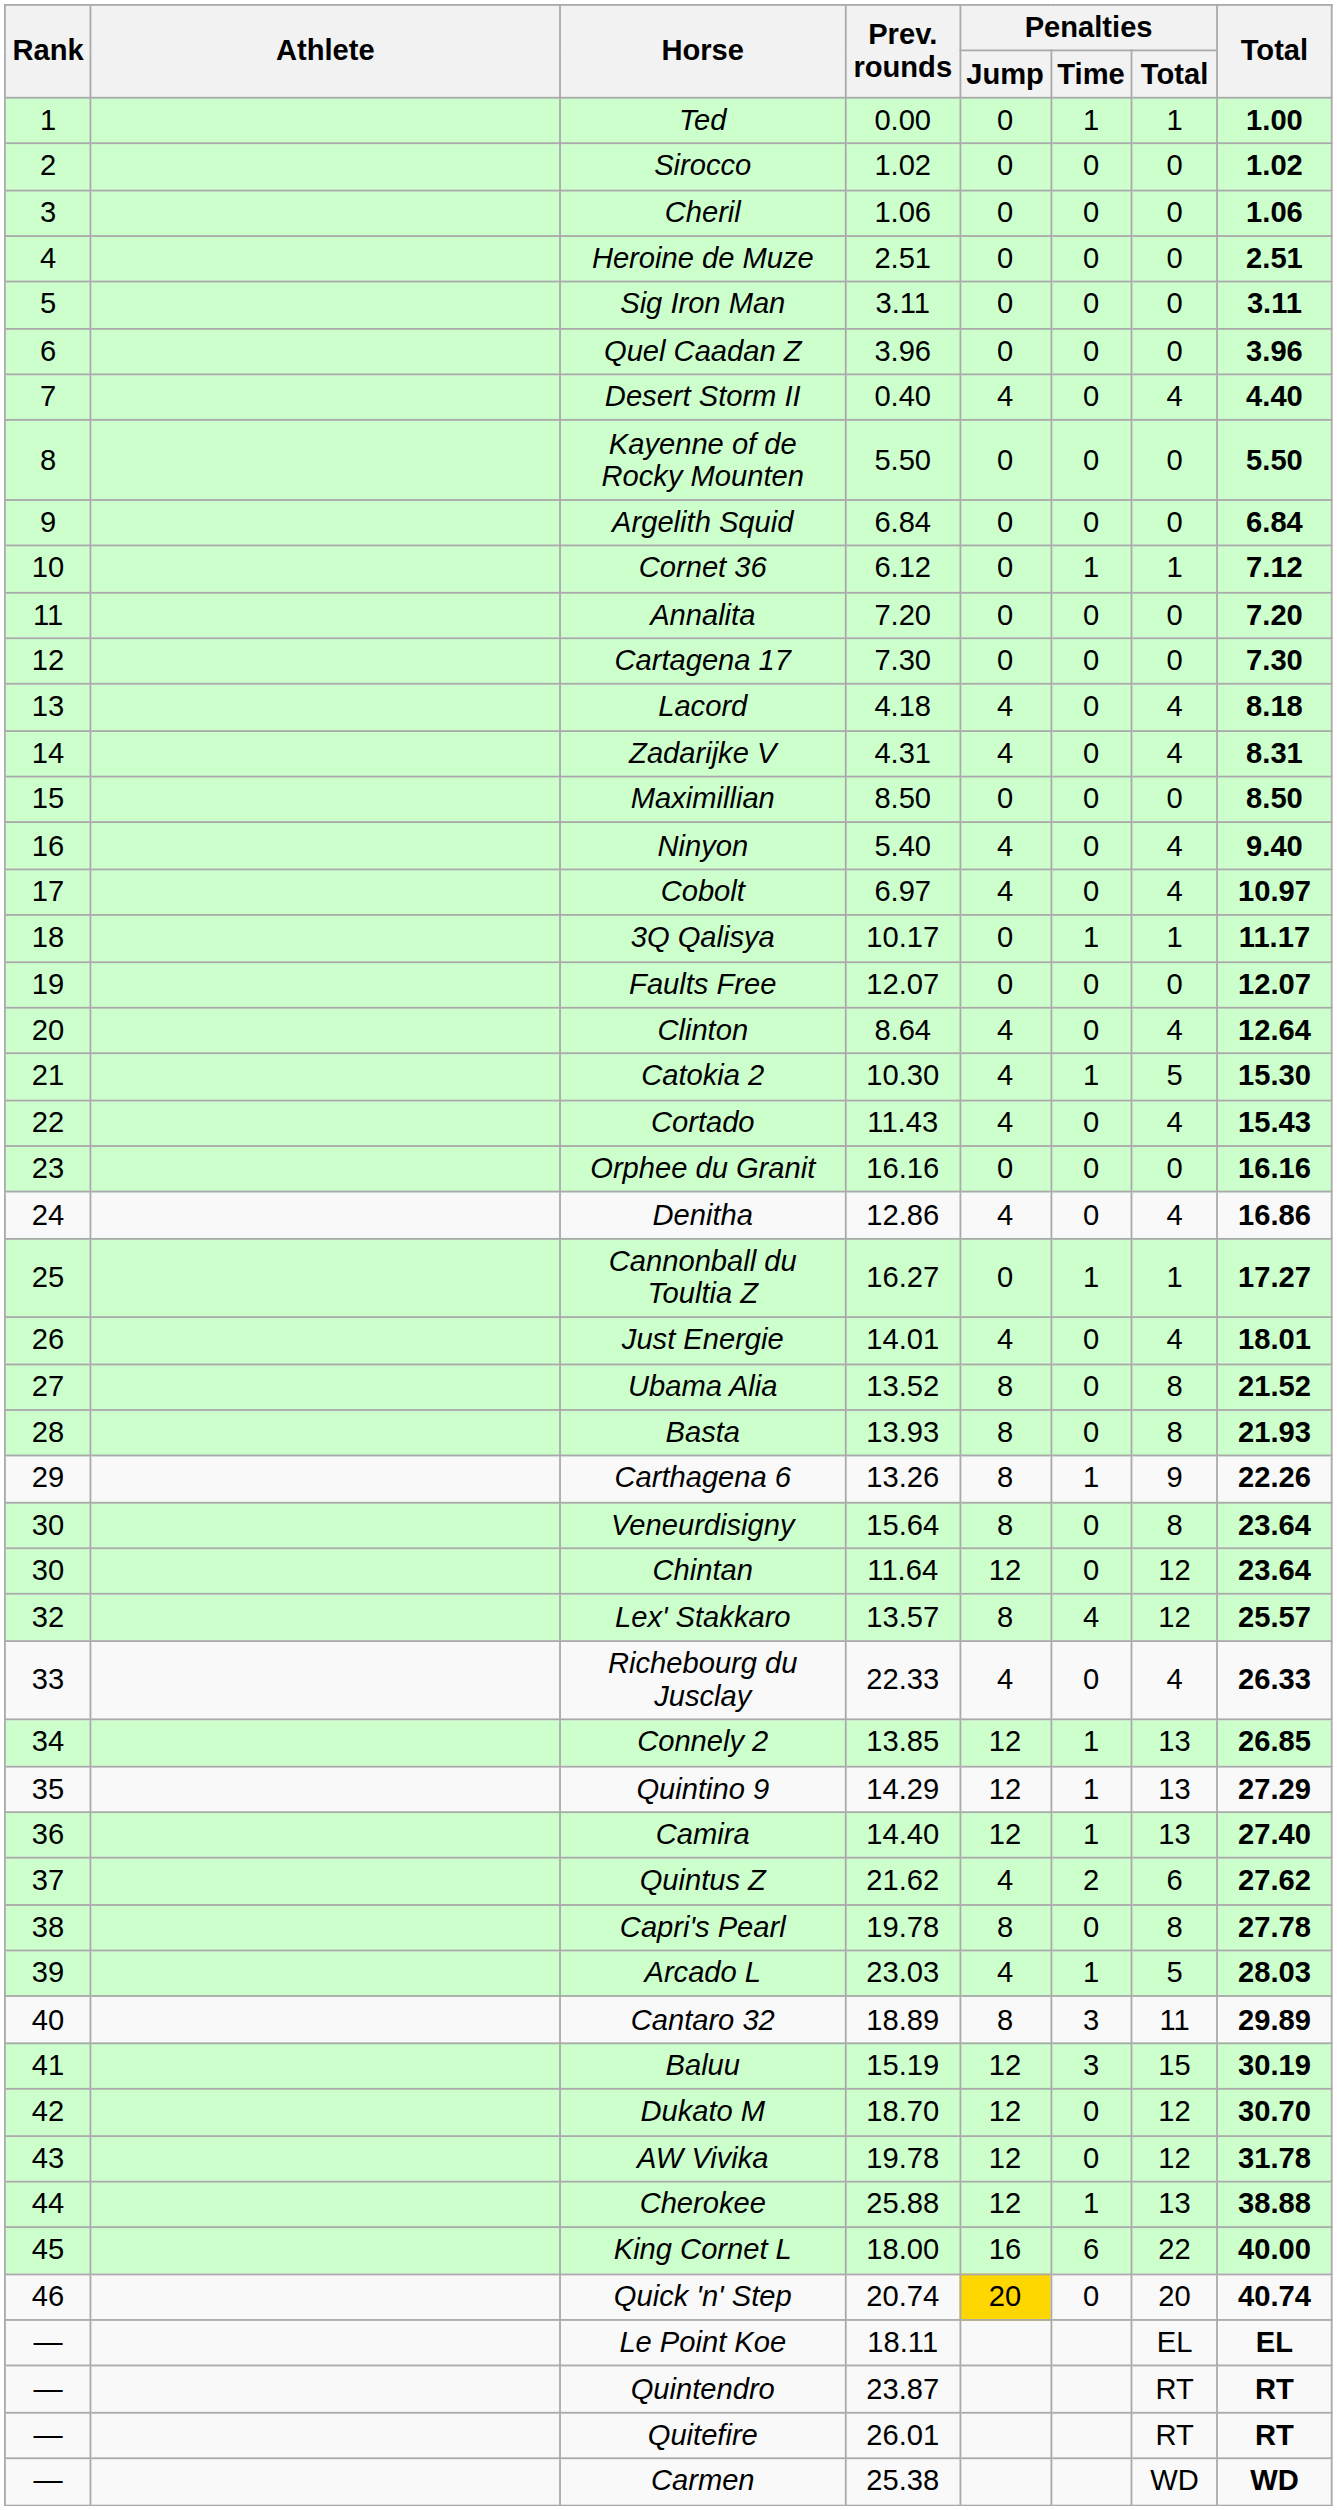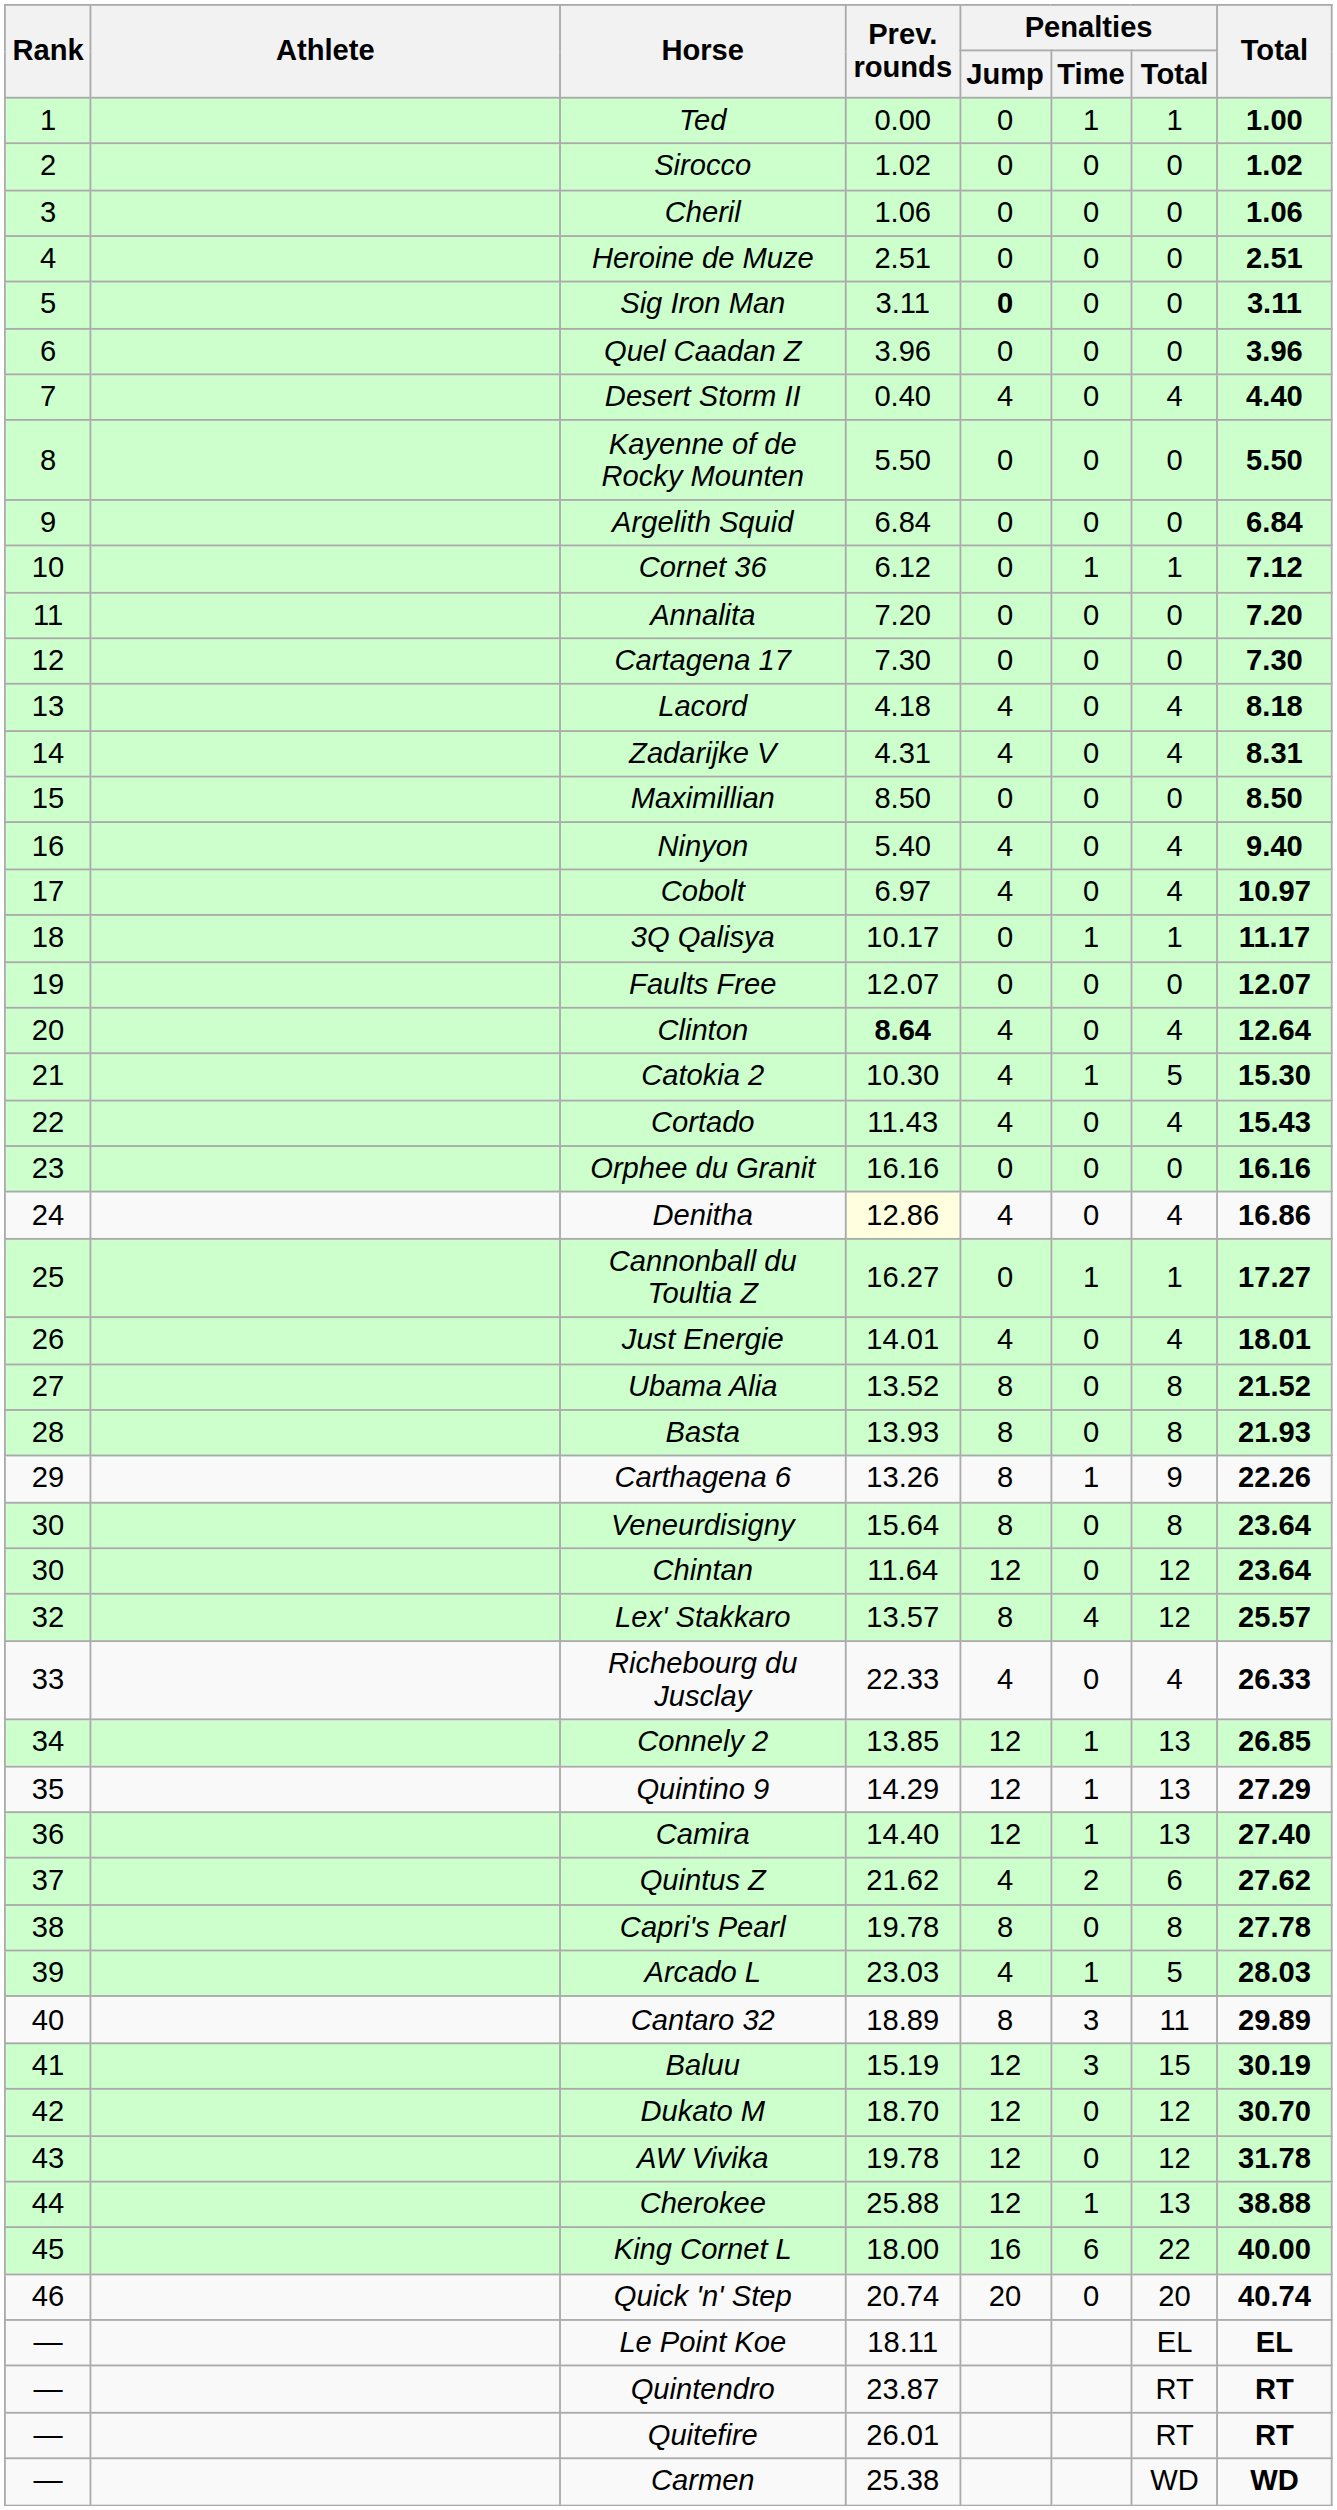 <table class="wikitable" style="text-align:center">
 <tr>
 <th rowspan=2 width=40>Rank</th>
 <th rowspan=2 width=250>Athlete</th>
 <th rowspan=2 width=150>Horse</th>
 <th rowspan=2 width=55>Prev. rounds</th>
 <th colspan=3>Penalties</th>
 <th rowspan=2 width=55>Total</th>
 </tr>
 <tr>
 <th width=35>Jump</th>
 <th width=35>Time</th>
 <th width=40>Total</th>
 </tr>
 <tr bgcolor="ccffcc">
 <td>1</td>
 <td align=left></td>
 <td><em>Ted</em></td>
 <td>0.00</td>
 <td>0</td>
 <td>1</td>
 <td>1</td>
 <td><strong>1.00</strong></td>
 </tr>
 <tr bgcolor="ccffcc">
 <td>2</td>
 <td align=left></td>
 <td><em>Sirocco</em></td>
 <td>1.02</td>
 <td>0</td>
 <td>0</td>
 <td>0</td>
 <td><strong>1.02</strong></td>
 </tr>
 <tr bgcolor="ccffcc">
 <td>3</td>
 <td align=left></td>
 <td><em>Cheril</em></td>
 <td>1.06</td>
 <td>0</td>
 <td>0</td>
 <td>0</td>
 <td><strong>1.06</strong></td>
 </tr>
 <tr bgcolor="ccffcc">
 <td>4</td>
 <td align=left></td>
 <td><em>Heroine de Muze</em></td>
 <td>2.51</td>
 <td>0</td>
 <td>0</td>
 <td>0</td>
 <td><strong>2.51</strong></td>
 </tr>
 <tr bgcolor="ccffcc">
 <td>5</td>
 <td align=left></td>
 <td><em>Sig Iron Man</em></td>
 <td>3.11</td>
-<td>0</td>
+<td><strong>0</strong></td>
 <td>0</td>
 <td>0</td>
 <td><strong>3.11</strong></td>
 </tr>
 <tr bgcolor="ccffcc">
 <td>6</td>
 <td align=left></td>
 <td><em>Quel Caadan Z</em></td>
 <td>3.96</td>
 <td>0</td>
 <td>0</td>
 <td>0</td>
 <td><strong>3.96</strong></td>
 </tr>
 <tr bgcolor="ccffcc">
 <td>7</td>
 <td align=left></td>
 <td><em>Desert Storm II</em></td>
 <td>0.40</td>
 <td>4</td>
 <td>0</td>
 <td>4</td>
 <td><strong>4.40</strong></td>
 </tr>
 <tr bgcolor="ccffcc">
 <td>8</td>
 <td align=left></td>
 <td><em>Kayenne of de Rocky Mounten</em></td>
 <td>5.50</td>
 <td>0</td>
 <td>0</td>
 <td>0</td>
 <td><strong>5.50</strong></td>
 </tr>
 <tr bgcolor="ccffcc">
 <td>9</td>
 <td align=left></td>
 <td><em>Argelith Squid</em></td>
 <td>6.84</td>
 <td>0</td>
 <td>0</td>
 <td>0</td>
 <td><strong>6.84</strong></td>
 </tr>
 <tr bgcolor="ccffcc">
 <td>10</td>
 <td align=left></td>
 <td><em>Cornet 36</em></td>
 <td>6.12</td>
 <td>0</td>
 <td>1</td>
 <td>1</td>
 <td><strong>7.12</strong></td>
 </tr>
 <tr bgcolor="ccffcc">
 <td>11</td>
 <td align=left></td>
 <td><em>Annalita</em></td>
 <td>7.20</td>
 <td>0</td>
 <td>0</td>
 <td>0</td>
 <td><strong>7.20</strong></td>
 </tr>
 <tr bgcolor="ccffcc">
 <td>12</td>
 <td align=left></td>
 <td><em>Cartagena 17</em></td>
 <td>7.30</td>
 <td>0</td>
 <td>0</td>
 <td>0</td>
 <td><strong>7.30</strong></td>
 </tr>
 <tr bgcolor="ccffcc">
 <td>13</td>
 <td align=left></td>
 <td><em>Lacord</em></td>
 <td>4.18</td>
 <td>4</td>
 <td>0</td>
 <td>4</td>
 <td><strong>8.18</strong></td>
 </tr>
 <tr bgcolor="ccffcc">
 <td>14</td>
 <td align=left></td>
 <td><em>Zadarijke V</em></td>
 <td>4.31</td>
 <td>4</td>
 <td>0</td>
 <td>4</td>
 <td><strong>8.31</strong></td>
 </tr>
 <tr bgcolor="ccffcc">
 <td>15</td>
 <td align=left></td>
 <td><em>Maximillian</em></td>
 <td>8.50</td>
 <td>0</td>
 <td>0</td>
 <td>0</td>
 <td><strong>8.50</strong></td>
 </tr>
 <tr bgcolor="ccffcc">
 <td>16</td>
 <td align=left></td>
 <td><em>Ninyon</em></td>
 <td>5.40</td>
 <td>4</td>
 <td>0</td>
 <td>4</td>
 <td><strong>9.40</strong></td>
 </tr>
 <tr bgcolor="ccffcc">
 <td>17</td>
 <td align=left></td>
 <td><em>Cobolt</em></td>
 <td>6.97</td>
 <td>4</td>
 <td>0</td>
 <td>4</td>
 <td><strong>10.97</strong></td>
 </tr>
 <tr bgcolor="ccffcc">
 <td>18</td>
 <td align=left></td>
 <td><em>3Q Qalisya</em></td>
 <td>10.17</td>
 <td>0</td>
 <td>1</td>
 <td>1</td>
 <td><strong>11.17</strong></td>
 </tr>
 <tr bgcolor="ccffcc">
 <td>19</td>
 <td align=left></td>
 <td><em>Faults Free</em></td>
 <td>12.07</td>
 <td>0</td>
 <td>0</td>
 <td>0</td>
 <td><strong>12.07</strong></td>
 </tr>
 <tr bgcolor="ccffcc">
 <td>20</td>
 <td align=left></td>
 <td><em>Clinton</em></td>
-<td>8.64</td>
+<td><strong>8.64</strong></td>
 <td>4</td>
 <td>0</td>
 <td>4</td>
 <td><strong>12.64</strong></td>
 </tr>
 <tr bgcolor="ccffcc">
 <td>21</td>
 <td align=left></td>
 <td><em>Catokia 2</em></td>
 <td>10.30</td>
 <td>4</td>
 <td>1</td>
 <td>5</td>
 <td><strong>15.30</strong></td>
 </tr>
 <tr bgcolor="ccffcc">
 <td>22</td>
 <td align=left></td>
 <td><em>Cortado</em></td>
 <td>11.43</td>
 <td>4</td>
 <td>0</td>
 <td>4</td>
 <td><strong>15.43</strong></td>
 </tr>
 <tr bgcolor="ccffcc">
 <td>23</td>
 <td align=left></td>
 <td><em>Orphee du Granit</em></td>
 <td>16.16</td>
 <td>0</td>
 <td>0</td>
 <td>0</td>
 <td><strong>16.16</strong></td>
 </tr>
 <tr>
 <td>24</td>
 <td align=left></td>
 <td><em>Denitha</em></td>
-<td>12.86</td>
+<td style="background: lightyellow;">12.86</td>
 <td>4</td>
 <td>0</td>
 <td>4</td>
 <td><strong>16.86</strong></td>
 </tr>
 <tr bgcolor="ccffcc">
 <td>25</td>
 <td align=left></td>
 <td><em>Cannonball du Toultia Z</em></td>
 <td>16.27</td>
 <td>0</td>
 <td>1</td>
 <td>1</td>
 <td><strong>17.27</strong></td>
 </tr>
 <tr bgcolor="ccffcc">
 <td>26</td>
 <td align=left></td>
 <td><em>Just Energie</em></td>
 <td>14.01</td>
 <td>4</td>
 <td>0</td>
 <td>4</td>
 <td><strong>18.01</strong></td>
 </tr>
 <tr bgcolor="ccffcc">
 <td>27</td>
 <td align=left></td>
 <td><em>Ubama Alia</em></td>
 <td>13.52</td>
 <td>8</td>
 <td>0</td>
 <td>8</td>
 <td><strong>21.52</strong></td>
 </tr>
 <tr bgcolor="ccffcc">
 <td>28</td>
 <td align=left></td>
 <td><em>Basta</em></td>
 <td>13.93</td>
 <td>8</td>
 <td>0</td>
 <td>8</td>
 <td><strong>21.93</strong></td>
 </tr>
 <tr>
 <td>29</td>
 <td align=left></td>
 <td><em>Carthagena 6</em></td>
 <td>13.26</td>
 <td>8</td>
 <td>1</td>
 <td>9</td>
 <td><strong>22.26</strong></td>
 </tr>
 <tr bgcolor="ccffcc">
 <td>30</td>
 <td align=left></td>
 <td><em>Veneurdisigny</em></td>
 <td>15.64</td>
 <td>8</td>
 <td>0</td>
 <td>8</td>
 <td><strong>23.64</strong></td>
 </tr>
 <tr bgcolor="ccffcc">
 <td>30</td>
 <td align=left></td>
 <td><em>Chintan</em></td>
 <td>11.64</td>
 <td>12</td>
 <td>0</td>
 <td>12</td>
 <td><strong>23.64</strong></td>
 </tr>
 <tr bgcolor="ccffcc">
 <td>32</td>
 <td align=left></td>
 <td><em>Lex' Stakkaro</em></td>
 <td>13.57</td>
 <td>8</td>
 <td>4</td>
 <td>12</td>
 <td><strong>25.57</strong></td>
 </tr>
 <tr>
 <td>33</td>
 <td align=left></td>
 <td><em>Richebourg du Jusclay</em></td>
 <td>22.33</td>
 <td>4</td>
 <td>0</td>
 <td>4</td>
 <td><strong>26.33</strong></td>
 </tr>
 <tr bgcolor="ccffcc">
 <td>34</td>
 <td align=left></td>
 <td><em>Connely 2</em></td>
 <td>13.85</td>
 <td>12</td>
 <td>1</td>
 <td>13</td>
 <td><strong>26.85</strong></td>
 </tr>
 <tr>
 <td>35</td>
 <td align=left></td>
 <td><em>Quintino 9</em></td>
 <td>14.29</td>
 <td>12</td>
 <td>1</td>
 <td>13</td>
 <td><strong>27.29</strong></td>
 </tr>
 <tr bgcolor="ccffcc">
 <td>36</td>
 <td align=left></td>
 <td><em>Camira</em></td>
 <td>14.40</td>
 <td>12</td>
 <td>1</td>
 <td>13</td>
 <td><strong>27.40</strong></td>
 </tr>
 <tr bgcolor="ccffcc">
 <td>37</td>
 <td align=left></td>
 <td><em>Quintus Z</em></td>
 <td>21.62</td>
 <td>4</td>
 <td>2</td>
 <td>6</td>
 <td><strong>27.62</strong></td>
 </tr>
 <tr bgcolor="ccffcc">
 <td>38</td>
 <td align=left></td>
 <td><em>Capri's Pearl</em></td>
 <td>19.78</td>
 <td>8</td>
 <td>0</td>
 <td>8</td>
 <td><strong>27.78</strong></td>
 </tr>
 <tr bgcolor="ccffcc">
 <td>39</td>
 <td align=left></td>
 <td><em>Arcado L</em></td>
 <td>23.03</td>
 <td>4</td>
 <td>1</td>
 <td>5</td>
 <td><strong>28.03</strong></td>
 </tr>
 <tr>
 <td>40</td>
 <td align=left></td>
 <td><em>Cantaro 32</em></td>
 <td>18.89</td>
 <td>8</td>
 <td>3</td>
 <td>11</td>
 <td><strong>29.89</strong></td>
 </tr>
 <tr bgcolor="ccffcc">
 <td>41</td>
 <td align=left></td>
 <td><em>Baluu</em></td>
 <td>15.19</td>
 <td>12</td>
 <td>3</td>
 <td>15</td>
 <td><strong>30.19</strong></td>
 </tr>
 <tr bgcolor="ccffcc">
 <td>42</td>
 <td align=left></td>
 <td><em>Dukato M</em></td>
 <td>18.70</td>
 <td>12</td>
 <td>0</td>
 <td>12</td>
 <td><strong>30.70</strong></td>
 </tr>
 <tr bgcolor="ccffcc">
 <td>43</td>
 <td align=left></td>
 <td><em>AW Vivika</em></td>
 <td>19.78</td>
 <td>12</td>
 <td>0</td>
 <td>12</td>
 <td><strong>31.78</strong></td>
 </tr>
 <tr bgcolor="ccffcc">
 <td>44</td>
 <td align=left></td>
 <td><em>Cherokee</em></td>
 <td>25.88</td>
 <td>12</td>
 <td>1</td>
 <td>13</td>
 <td><strong>38.88</strong></td>
 </tr>
 <tr bgcolor="ccffcc">
 <td>45</td>
 <td align=left></td>
 <td><em>King Cornet L</em></td>
 <td>18.00</td>
 <td>16</td>
 <td>6</td>
 <td>22</td>
 <td><strong>40.00</strong></td>
 </tr>
 <tr>
 <td>46</td>
 <td align=left></td>
 <td><em>Quick 'n' Step</em></td>
 <td>20.74</td>
-<td style="background: gold;">20</td>
+<td>20</td>
 <td>0</td>
 <td>20</td>
 <td><strong>40.74</strong></td>
 </tr>
 <tr>
 <td>—</td>
 <td align=left></td>
 <td><em>Le Point Koe</em></td>
 <td>18.11</td>
 <td></td>
 <td></td>
 <td>EL</td>
 <td><strong>EL</strong></td>
 </tr>
 <tr>
 <td>—</td>
 <td align=left></td>
 <td><em>Quintendro</em></td>
 <td>23.87</td>
 <td></td>
 <td></td>
 <td>RT</td>
 <td><strong>RT</strong></td>
 </tr>
 <tr>
 <td>—</td>
 <td align=left></td>
 <td><em>Quitefire</em></td>
 <td>26.01</td>
 <td></td>
 <td></td>
 <td>RT</td>
 <td><strong>RT</strong></td>
 </tr>
 <tr>
 <td>—</td>
 <td align=left></td>
 <td><em>Carmen</em></td>
 <td>25.38</td>
 <td></td>
 <td></td>
 <td>WD</td>
 <td><strong>WD</strong></td>
 </tr>
 </table>
